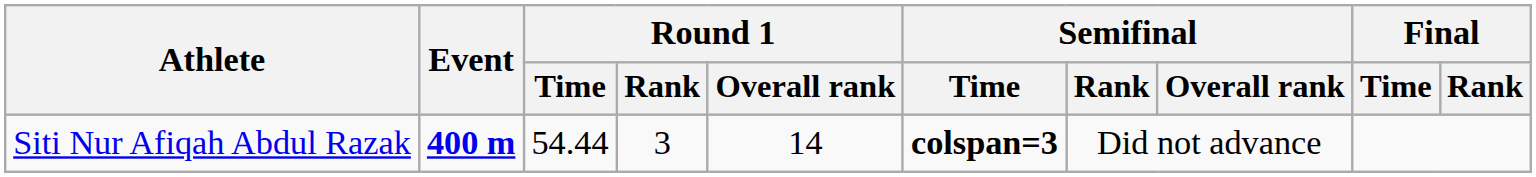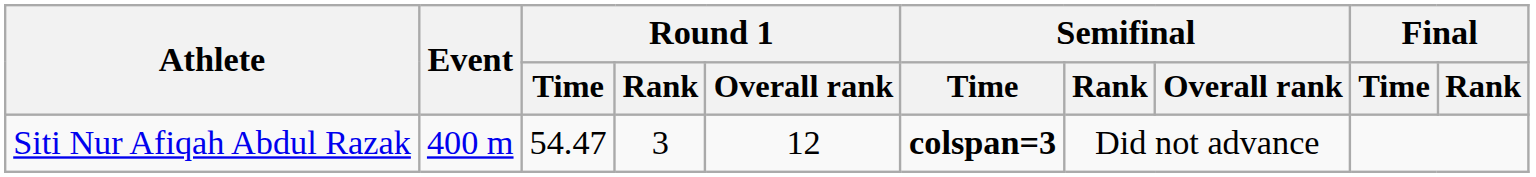 <table class="wikitable" style="font-size:90%">
 <tr>
 <th rowspan=2>Athlete</th>
 <th rowspan=2>Event</th>
 <th colspan=3>Round 1</th>
 <th colspan=3>Semifinal</th>
 <th colspan=2>Final</th>
 </tr>
 <tr style="font-size:95%">
 <th>Time</th>
 <th>Rank</th>
 <th>Overall rank</th>
 <th>Time</th>
 <th>Rank</th>
 <th>Overall rank</th>
 <th>Time</th>
 <th>Rank</th>
 </tr>
 <tr align=center>
 <td align=left><a href='#'>Siti Nur Afiqah Abdul Razak</a></td>
-<td align=left><strong><a href='#'>400 m</a></strong></td>
-<td>54.44</td>
+<td align=left><a href='#'>400 m</a></td>
+<td>54.47</td>
 <td>3</td>
-<td>14</td>
+<td>12</td>
 <td><strong>colspan=3 </strong></td>
 <td colspan=2>Did not advance</td>
 </tr>
 </table>
